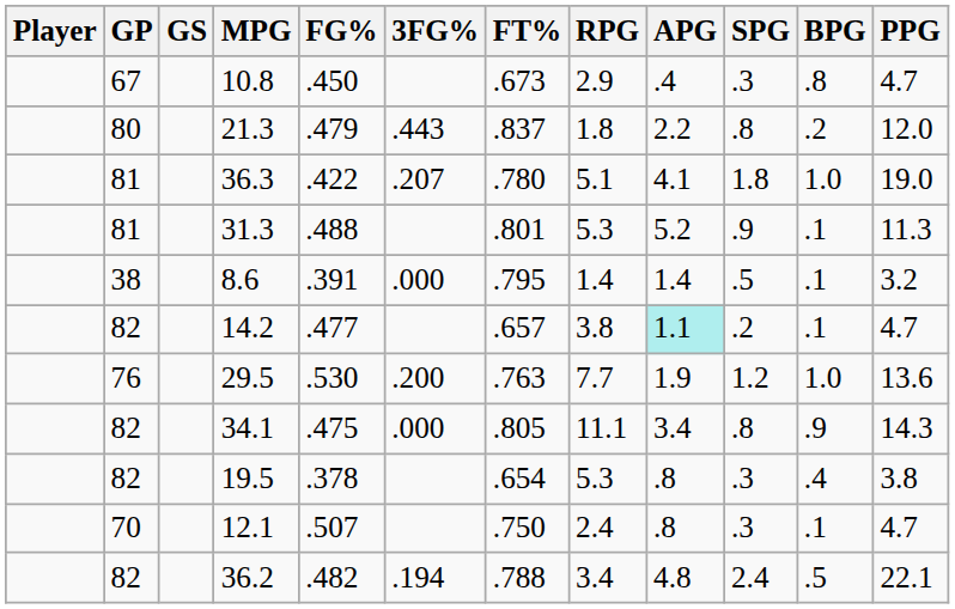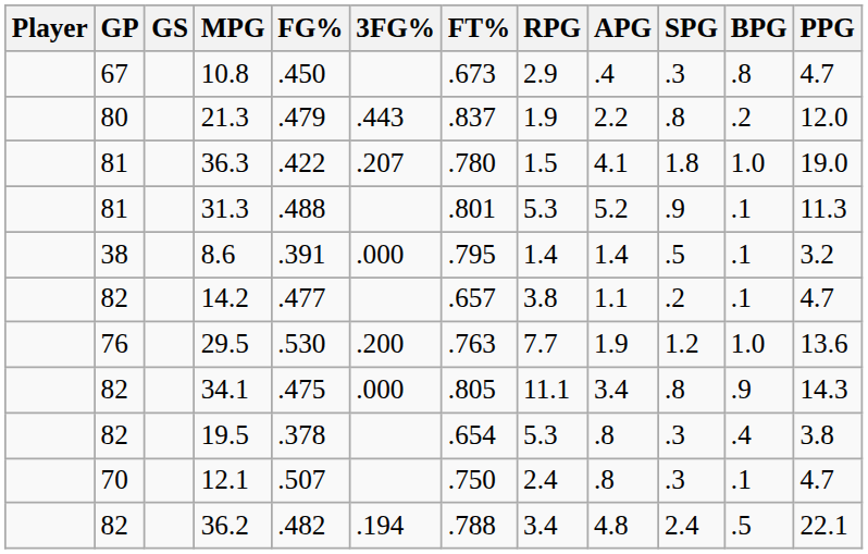 <table class="wikitable sortable" style="font-size: 90%">
 <tr>
 <th>Player</th>
 <th>GP</th>
 <th>GS</th>
 <th>MPG</th>
 <th>FG%</th>
 <th>3FG%</th>
 <th>FT%</th>
 <th>RPG</th>
 <th>APG</th>
 <th>SPG</th>
 <th>BPG</th>
 <th>PPG</th>
 </tr>
 <tr>
 <td></td>
 <td>67</td>
 <td></td>
 <td>10.8</td>
 <td>.450</td>
 <td></td>
 <td>.673</td>
 <td>2.9</td>
 <td>.4</td>
 <td>.3</td>
 <td>.8</td>
 <td>4.7</td>
 </tr>
 <tr>
 <td></td>
 <td>80</td>
 <td></td>
 <td>21.3</td>
 <td>.479</td>
 <td>.443</td>
 <td>.837</td>
-<td>1.8</td>
+<td>1.9</td>
 <td>2.2</td>
 <td>.8</td>
 <td>.2</td>
 <td>12.0</td>
 </tr>
 <tr>
 <td></td>
 <td>81</td>
 <td></td>
 <td>36.3</td>
 <td>.422</td>
 <td>.207</td>
 <td>.780</td>
-<td>5.1</td>
+<td>1.5</td>
 <td>4.1</td>
 <td>1.8</td>
 <td>1.0</td>
 <td>19.0</td>
 </tr>
 <tr>
 <td></td>
 <td>81</td>
 <td></td>
 <td>31.3</td>
 <td>.488</td>
 <td></td>
 <td>.801</td>
 <td>5.3</td>
 <td>5.2</td>
 <td>.9</td>
 <td>.1</td>
 <td>11.3</td>
 </tr>
 <tr>
 <td></td>
 <td>38</td>
 <td></td>
 <td>8.6</td>
 <td>.391</td>
 <td>.000</td>
 <td>.795</td>
 <td>1.4</td>
 <td>1.4</td>
 <td>.5</td>
 <td>.1</td>
 <td>3.2</td>
 </tr>
 <tr>
 <td></td>
 <td>82</td>
 <td></td>
 <td>14.2</td>
 <td>.477</td>
 <td></td>
 <td>.657</td>
 <td>3.8</td>
-<td style="background: paleturquoise;">1.1</td>
+<td>1.1</td>
 <td>.2</td>
 <td>.1</td>
 <td>4.7</td>
 </tr>
 <tr>
 <td></td>
 <td>76</td>
 <td></td>
 <td>29.5</td>
 <td>.530</td>
 <td>.200</td>
 <td>.763</td>
 <td>7.7</td>
 <td>1.9</td>
 <td>1.2</td>
 <td>1.0</td>
 <td>13.6</td>
 </tr>
 <tr>
 <td></td>
 <td>82</td>
 <td></td>
 <td>34.1</td>
 <td>.475</td>
 <td>.000</td>
 <td>.805</td>
 <td>11.1</td>
 <td>3.4</td>
 <td>.8</td>
 <td>.9</td>
 <td>14.3</td>
 </tr>
 <tr>
 <td></td>
 <td>82</td>
 <td></td>
 <td>19.5</td>
 <td>.378</td>
 <td></td>
 <td>.654</td>
 <td>5.3</td>
 <td>.8</td>
 <td>.3</td>
 <td>.4</td>
 <td>3.8</td>
 </tr>
 <tr>
 <td></td>
 <td>70</td>
 <td></td>
 <td>12.1</td>
 <td>.507</td>
 <td></td>
 <td>.750</td>
 <td>2.4</td>
 <td>.8</td>
 <td>.3</td>
 <td>.1</td>
 <td>4.7</td>
 </tr>
 <tr>
 <td></td>
 <td>82</td>
 <td></td>
 <td>36.2</td>
 <td>.482</td>
 <td>.194</td>
 <td>.788</td>
 <td>3.4</td>
 <td>4.8</td>
 <td>2.4</td>
 <td>.5</td>
 <td>22.1</td>
 </tr>
 </table>
